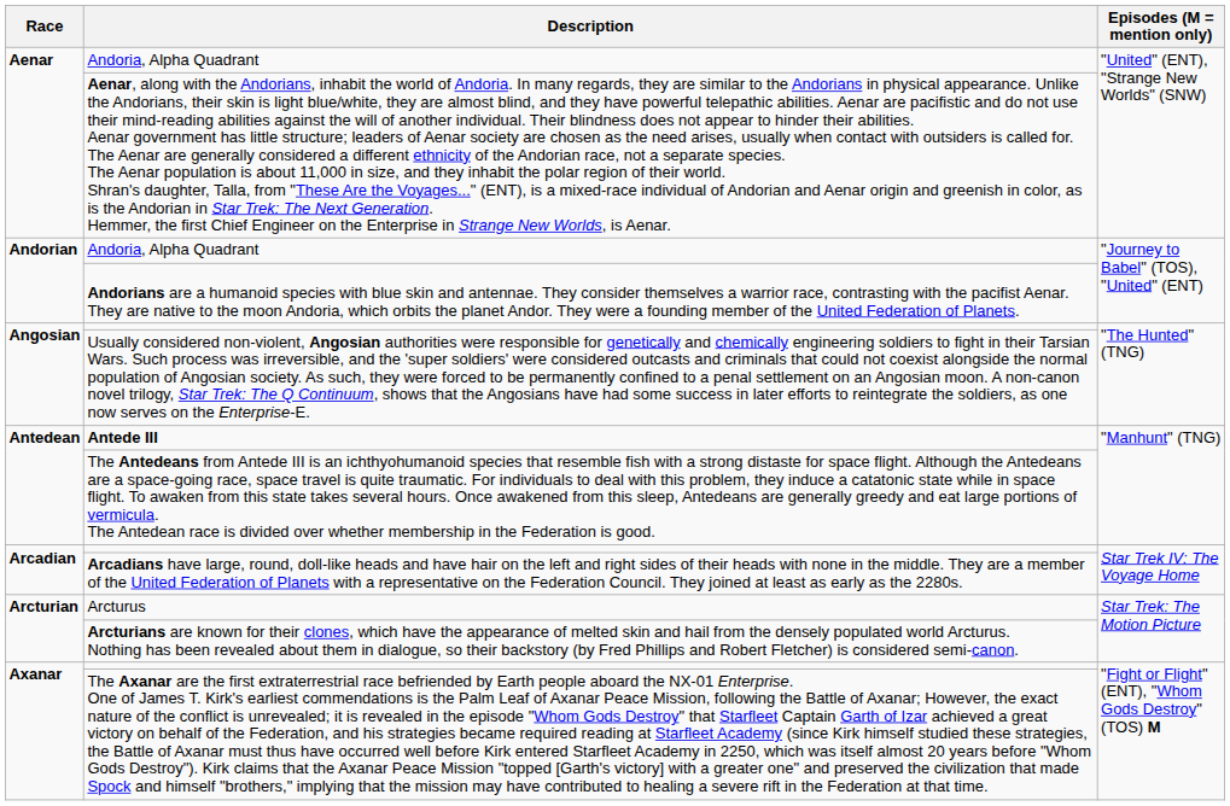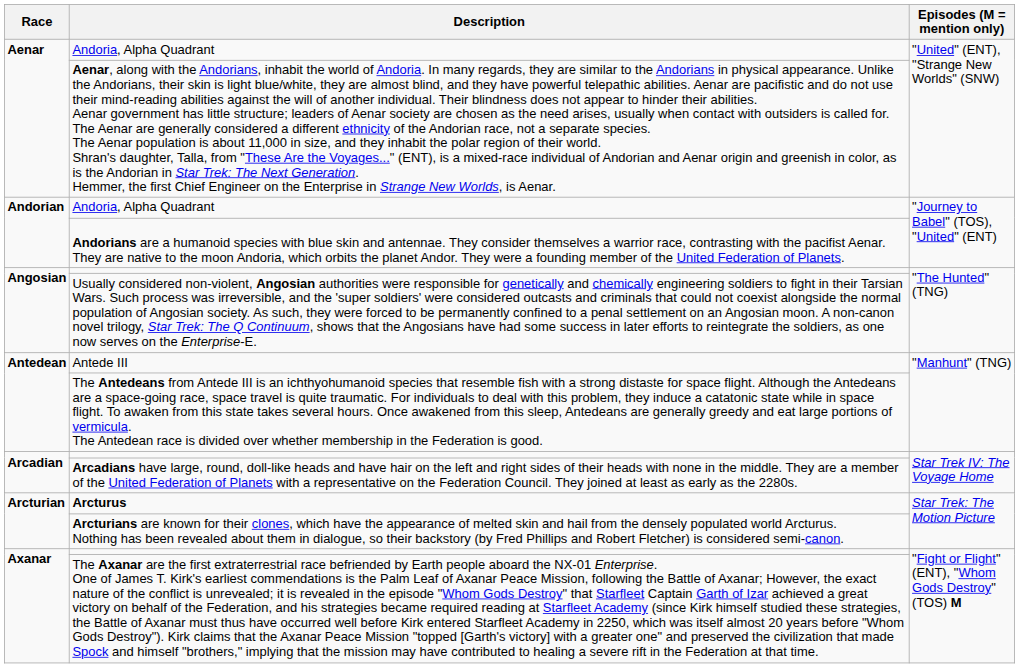 <table class="wikitable">
 <tr>
 <th>Race</th>
 <th>Description</th>
 <th>Episodes (M = mention only)</th>
 </tr>
 <tr>
 <td rowspan="2" style="vertical-align: top;"><strong>Aenar</strong> <br></td>
 <td><a href='#'>Andoria</a>, Alpha Quadrant</td>
 <td rowspan="2" style="vertical-align: top;">"<a href='#'>United</a>" (ENT), "Strange New Worlds" (SNW)</td>
 </tr>
 <tr>
 <td><strong>Aenar</strong>, along with the <a href='#'>Andorians</a>, inhabit the world of <a href='#'>Andoria</a>. In many regards, they are similar to the <a href='#'>Andorians</a> in physical appearance. Unlike the Andorians, their skin is light blue/white, they are almost blind, and they have powerful telepathic abilities. Aenar are pacifistic and do not use their mind-reading abilities against the will of another individual. Their blindness does not appear to hinder their abilities.<br>Aenar government has little structure; leaders of Aenar society are chosen as the need arises, usually when contact with outsiders is called for. The Aenar are generally considered a different <a href='#'>ethnicity</a> of the Andorian race,  not a separate species.<br>The Aenar population is about 11,000 in size, and they inhabit the polar region of their world.<br>Shran's daughter, Talla, from "<a href='#'>These Are the Voyages...</a>" (ENT), is a mixed-race individual of Andorian and Aenar origin and greenish in color, as is the Andorian in <em><a href='#'>Star Trek: The Next Generation</a></em>.<br>Hemmer, the first Chief Engineer on the Enterprise in <em><a href='#'>Strange New Worlds</a></em>, is Aenar.</td>
 </tr>
 <tr>
 <td rowspan="2" style="vertical-align: top;"><strong>Andorian</strong> <br></td>
 <td><a href='#'>Andoria</a>, Alpha Quadrant</td>
 <td rowspan="2" style="vertical-align: top;">"<a href='#'>Journey to Babel</a>" (TOS), "<a href='#'>United</a>" (ENT)</td>
 </tr>
 <tr>
 <td><br><strong>Andorians</strong> are a humanoid species with blue skin and antennae. They consider themselves a warrior race, contrasting with the pacifist Aenar. They are native to the moon Andoria, which orbits the planet Andor. They were a founding member of the <a href='#'>United Federation of Planets</a>.</td>
 </tr>
 <tr>
 <td rowspan="2" style="vertical-align: top;"><strong>Angosian</strong> <br></td>
 <td></td>
 <td rowspan="2" style="vertical-align: top;">"<a href='#'>The Hunted</a>" (TNG)</td>
 </tr>
 <tr>
 <td>Usually considered non-violent, <strong>Angosian</strong> authorities were responsible for <a href='#'>genetically</a> and <a href='#'>chemically</a> engineering soldiers to fight in their Tarsian Wars. Such process was irreversible, and the 'super soldiers' were considered outcasts and criminals that could not coexist alongside the normal population of Angosian society. As such, they were forced to be permanently confined to a penal settlement on an Angosian moon. A non-canon novel trilogy, <em><a href='#'>Star Trek: The Q Continuum</a></em>, shows that the Angosians have had some success in later efforts to reintegrate the soldiers, as one now serves on the <em>Enterprise</em>-E.</td>
 </tr>
 <tr>
 <td rowspan="2" style="vertical-align: top;"><strong>Antedean</strong> <br></td>
-<td><strong>Antede III</strong></td>
+<td>Antede III</td>
 <td rowspan="2" style="vertical-align: top;">"<a href='#'>Manhunt</a>" (TNG)</td>
 </tr>
 <tr>
 <td>The <strong>Antedeans</strong> from Antede III is an ichthyohumanoid species that resemble fish with a strong distaste for space flight. Although the Antedeans are a space-going race, space travel is quite traumatic. For individuals to deal with this problem, they induce a catatonic state while in space flight. To awaken from this state takes several hours. Once awakened from this sleep, Antedeans are generally greedy and eat large portions of <a href='#'>vermicula</a>.<br>The Antedean race is divided over whether membership in the Federation is good.</td>
 </tr>
 <tr>
 <td rowspan="2" style="vertical-align: top;"><strong>Arcadian</strong> <br></td>
 <td></td>
 <td rowspan="2" style="vertical-align: top;"><em><a href='#'>Star Trek IV: The Voyage Home</a></em></td>
 </tr>
 <tr>
 <td><strong>Arcadians</strong> have large, round, doll-like heads and have hair on the left and right sides of their heads with none in the middle. They are a member of the <a href='#'>United Federation of Planets</a> with a representative on the Federation Council. They joined at least as early as the 2280s.</td>
 </tr>
 <tr>
 <td rowspan="2" style="vertical-align: top;"><strong>Arcturian</strong> <br></td>
-<td>Arcturus</td>
+<td><strong>Arcturus</strong></td>
 <td rowspan="2" style="vertical-align: top;"><em><a href='#'>Star Trek: The Motion Picture</a></em></td>
 </tr>
 <tr>
 <td><strong>Arcturians</strong> are known for their <a href='#'>clones</a>, which have the appearance of melted skin and hail from the densely populated world Arcturus.<br>Nothing has been revealed about them in dialogue, so their backstory (by Fred Phillips and Robert Fletcher) is considered semi-<a href='#'>canon</a>.</td>
 </tr>
 <tr>
 <td rowspan="2" style="vertical-align: top;"><strong>Axanar</strong> <br></td>
 <td></td>
 <td rowspan="2" style="vertical-align: top;">"<a href='#'>Fight or Flight</a>" (ENT), "<a href='#'>Whom Gods Destroy</a>" (TOS) <strong>M</strong></td>
 </tr>
 <tr>
 <td>The <strong>Axanar</strong> are the first extraterrestrial race befriended by Earth people aboard the NX-01 <em>Enterprise</em>.<br>One of James T. Kirk's earliest commendations is the Palm Leaf of Axanar Peace Mission, following the Battle of Axanar; However, the exact nature of the conflict is unrevealed; it is revealed in the episode "<a href='#'>Whom Gods Destroy</a>" that <a href='#'>Starfleet</a> Captain <a href='#'>Garth of Izar</a> achieved a great victory on behalf of the Federation, and his strategies became required reading at <a href='#'>Starfleet Academy</a> (since Kirk himself studied these strategies, the Battle of Axanar must thus have occurred well before Kirk entered Starfleet Academy in 2250, which was itself almost 20 years before "Whom Gods Destroy"). Kirk claims that the Axanar Peace Mission "topped [Garth's victory] with a greater one" and preserved the civilization that made <a href='#'>Spock</a> and himself "brothers," implying that the mission may have contributed to healing a severe rift in the Federation at that time.</td>
 </tr>
 </table>
